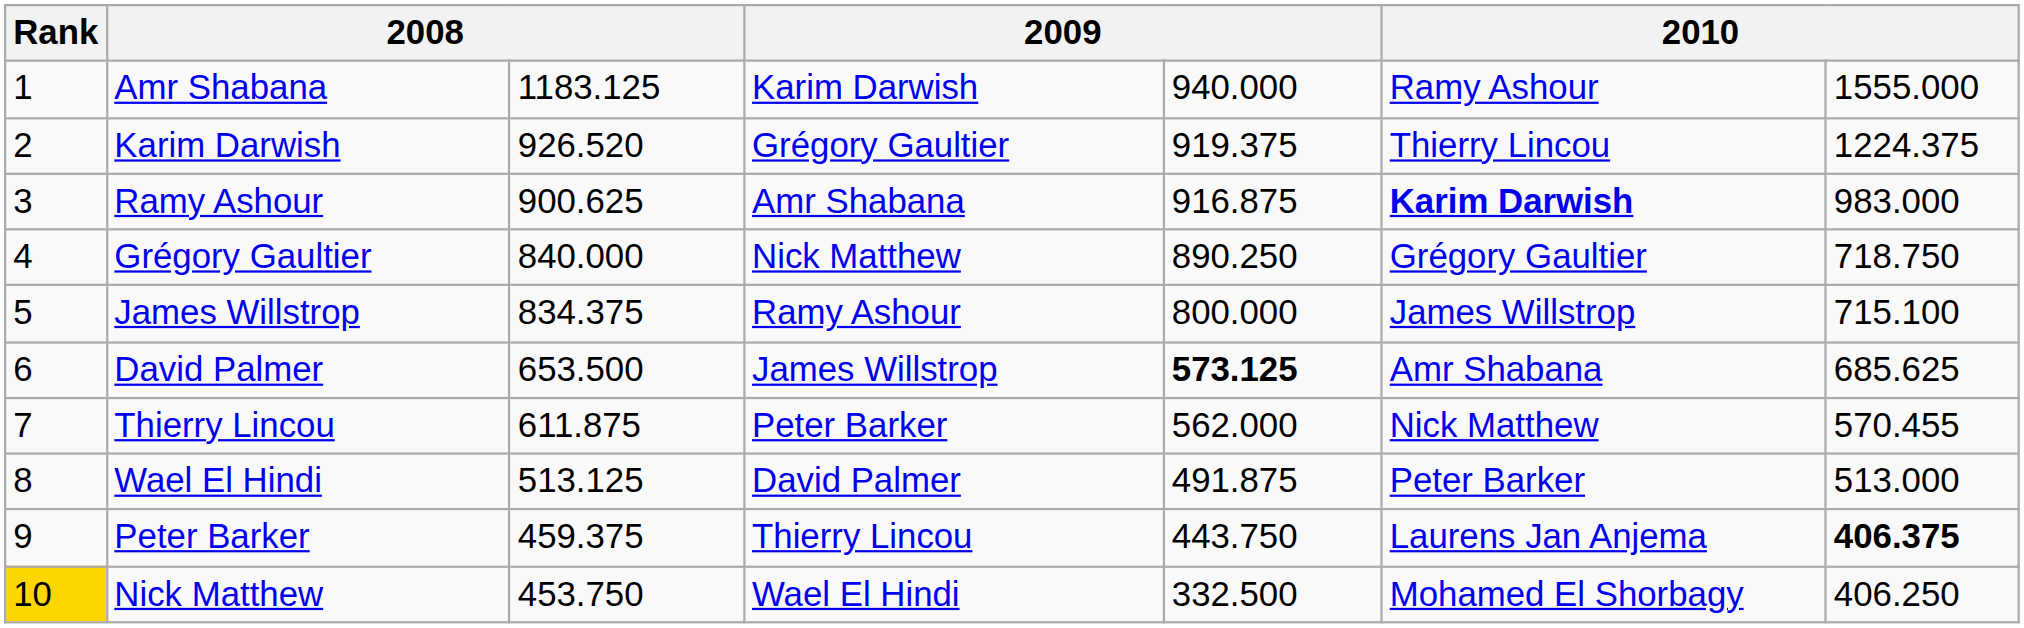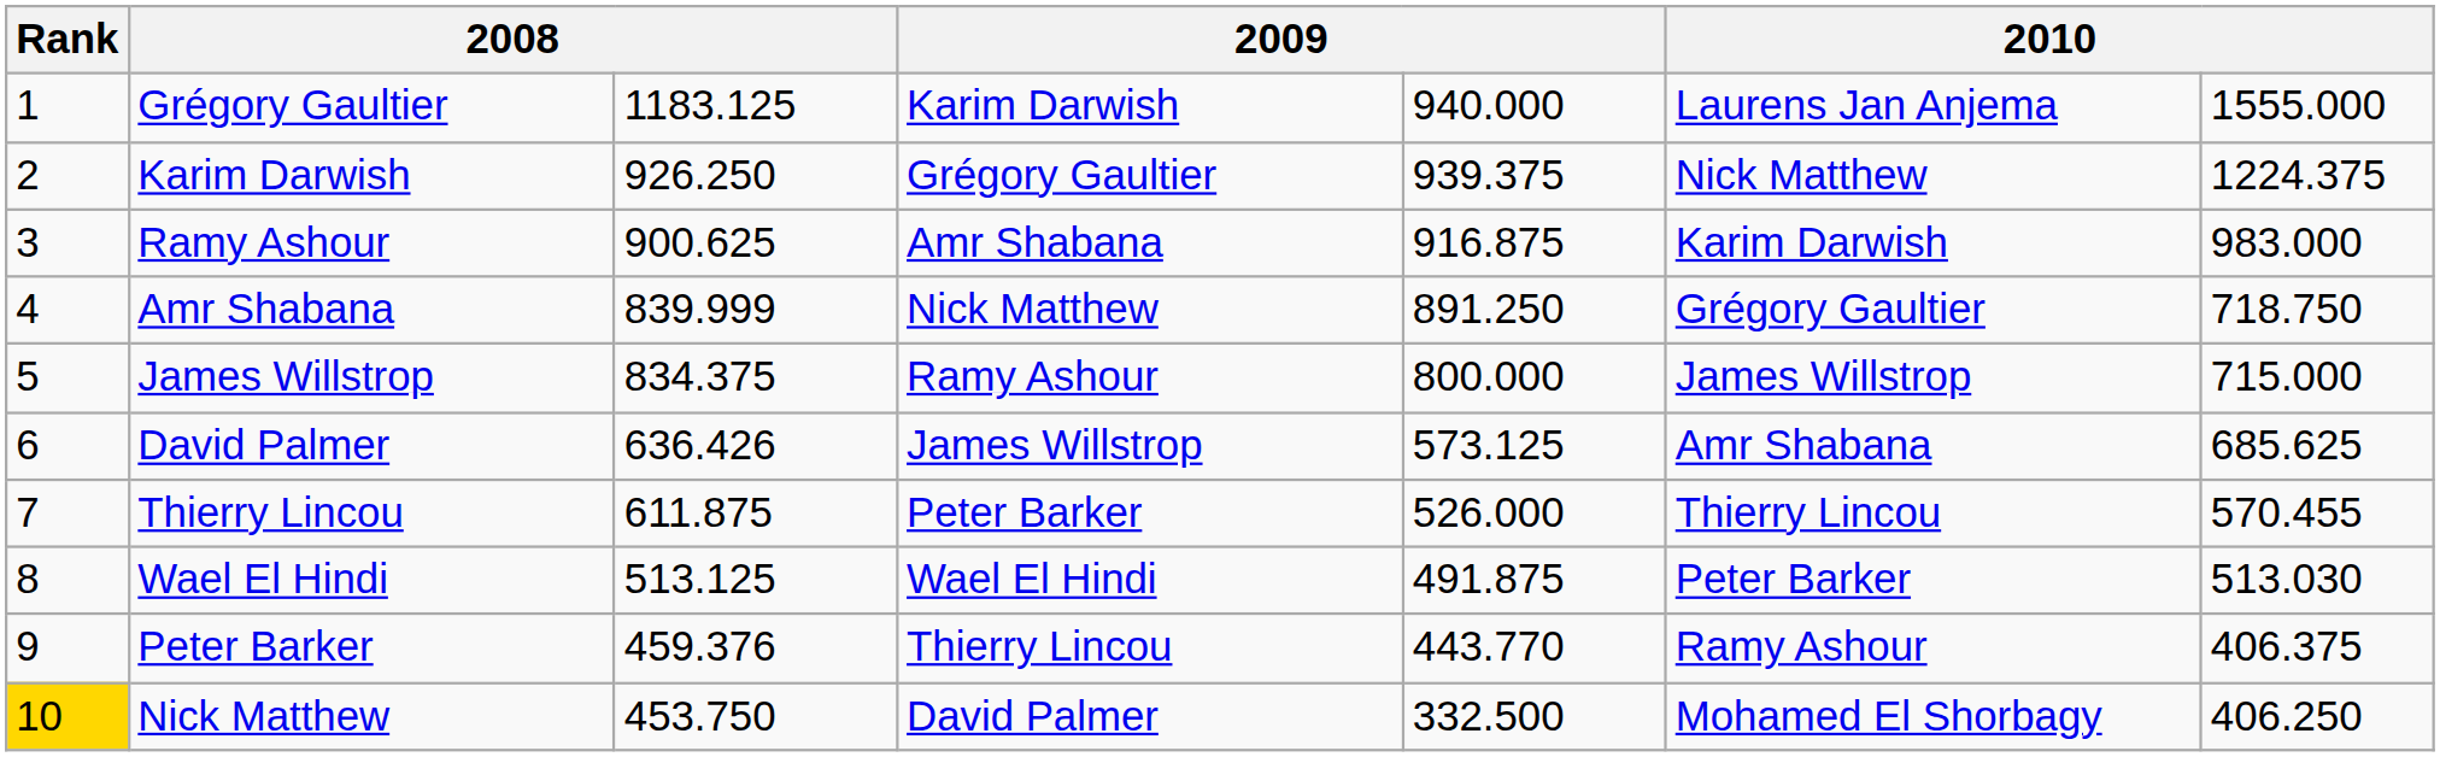 <table class=wikitable style="font-size:98%;">
 <tr>
 <th>Rank</th>
 <th colspan="2" style="width:280px;">2008</th>
 <th colspan="2" style="width:280px;">2009</th>
 <th colspan="2" style="width:280px;">2010</th>
 </tr>
 <tr>
 <td>1</td>
-<td> <a href='#'>Amr Shabana</a></td>
+<td> <a href='#'>Grégory Gaultier</a></td>
 <td>1183.125</td>
 <td> <a href='#'>Karim Darwish</a></td>
 <td>940.000</td>
-<td> <a href='#'>Ramy Ashour</a></td>
+<td> <a href='#'>Laurens Jan Anjema</a></td>
 <td>1555.000</td>
 </tr>
 <tr>
 <td>2</td>
 <td> <a href='#'>Karim Darwish</a></td>
-<td>926.520</td>
+<td>926.250</td>
 <td> <a href='#'>Grégory Gaultier</a></td>
-<td>919.375</td>
-<td> <a href='#'>Thierry Lincou</a></td>
+<td>939.375</td>
+<td> <a href='#'>Nick Matthew</a></td>
 <td>1224.375</td>
 </tr>
 <tr>
 <td>3</td>
 <td> <a href='#'>Ramy Ashour</a></td>
 <td>900.625</td>
 <td> <a href='#'>Amr Shabana</a></td>
 <td>916.875</td>
-<td><strong> <a href='#'>Karim Darwish</a></strong></td>
+<td> <a href='#'>Karim Darwish</a></td>
 <td>983.000</td>
 </tr>
 <tr>
 <td>4</td>
-<td> <a href='#'>Grégory Gaultier</a></td>
-<td>840.000</td>
+<td> <a href='#'>Amr Shabana</a></td>
+<td>839.999</td>
 <td> <a href='#'>Nick Matthew</a></td>
-<td>890.250</td>
+<td>891.250</td>
 <td> <a href='#'>Grégory Gaultier</a></td>
 <td>718.750</td>
 </tr>
 <tr>
 <td>5</td>
 <td> <a href='#'>James Willstrop</a></td>
 <td>834.375</td>
 <td> <a href='#'>Ramy Ashour</a></td>
 <td>800.000</td>
 <td> <a href='#'>James Willstrop</a></td>
-<td>715.100</td>
+<td>715.000</td>
 </tr>
 <tr>
 <td>6</td>
 <td> <a href='#'>David Palmer</a></td>
-<td>653.500</td>
+<td>636.426</td>
 <td> <a href='#'>James Willstrop</a></td>
-<td><strong>573.125</strong></td>
+<td>573.125</td>
 <td> <a href='#'>Amr Shabana</a></td>
 <td>685.625</td>
 </tr>
 <tr>
 <td>7</td>
 <td> <a href='#'>Thierry Lincou</a></td>
 <td>611.875</td>
 <td> <a href='#'>Peter Barker</a></td>
-<td>562.000</td>
-<td> <a href='#'>Nick Matthew</a></td>
+<td>526.000</td>
+<td> <a href='#'>Thierry Lincou</a></td>
 <td>570.455</td>
 </tr>
 <tr>
 <td>8</td>
 <td> <a href='#'>Wael El Hindi</a></td>
 <td>513.125</td>
-<td> <a href='#'>David Palmer</a></td>
+<td> <a href='#'>Wael El Hindi</a></td>
 <td>491.875</td>
 <td> <a href='#'>Peter Barker</a></td>
-<td>513.000</td>
+<td>513.030</td>
 </tr>
 <tr>
 <td>9</td>
 <td> <a href='#'>Peter Barker</a></td>
-<td>459.375</td>
+<td>459.376</td>
 <td> <a href='#'>Thierry Lincou</a></td>
-<td>443.750</td>
-<td> <a href='#'>Laurens Jan Anjema</a></td>
-<td><strong>406.375</strong></td>
+<td>443.770</td>
+<td> <a href='#'>Ramy Ashour</a></td>
+<td>406.375</td>
 </tr>
 <tr>
 <td style="background: gold;">10</td>
 <td> <a href='#'>Nick Matthew</a></td>
 <td>453.750</td>
-<td> <a href='#'>Wael El Hindi</a></td>
+<td> <a href='#'>David Palmer</a></td>
 <td>332.500</td>
 <td> <a href='#'>Mohamed El Shorbagy</a></td>
 <td>406.250</td>
 </tr>
 </table>
